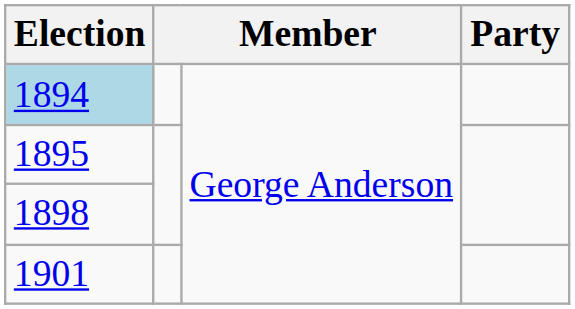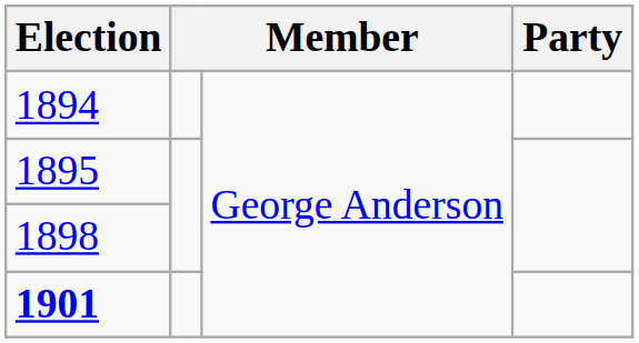 <table class="wikitable">
 <tr>
 <th>Election</th>
 <th colspan="2">Member</th>
 <th>Party</th>
 </tr>
 <tr>
-<td style="background: lightblue;"><a href='#'>1894</a></td>
+<td><a href='#'>1894</a></td>
 <td> </td>
 <td rowspan="4"><a href='#'>George Anderson</a></td>
 <td></td>
 </tr>
 <tr>
 <td><a href='#'>1895</a></td>
 <td rowspan="2" > </td>
 <td rowspan="2"></td>
 </tr>
 <tr>
 <td><a href='#'>1898</a></td>
 </tr>
 <tr>
-<td><a href='#'>1901</a></td>
+<td><strong><a href='#'>1901</a></strong></td>
 <td> </td>
 <td></td>
 </tr>
 </table>
